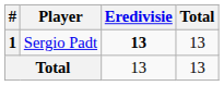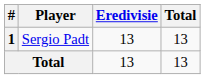 <table class="wikitable" style="text-align:center;">
 <tr>
 <th>#</th>
 <th>Player</th>
 <th><a href='#'>Eredivisie</a></th>
 <th>Total</th>
 </tr>
 <tr>
 <th>1</th>
 <td align="left"> <a href='#'>Sergio Padt</a></td>
-<td><strong>13</strong></td>
+<td>13</td>
 <td>13</td>
 </tr>
 <tr>
 <th colspan="2">Total</th>
 <td>13</td>
 <td>13</td>
 </tr>
 </table>
